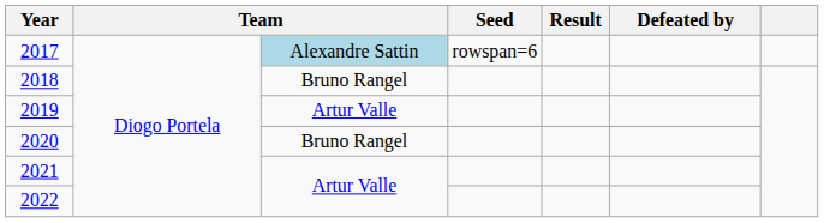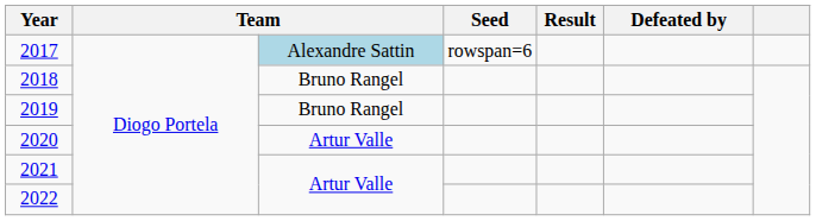 <table class="wikitable" style="text-align: center;">
 <tr style= "background: #e2e2e2;">
 </tr>
 <tr style="background: #efefef;">
 <th width=50px>Year</th>
 <th colspan="2">Team</th>
 <th width=50px>Seed</th>
 <th width=50px>Result</th>
 <th width=120px>Defeated by</th>
 <th width=40px></th>
 </tr>
 <tr>
 <td><a href='#'>2017</a></td>
 <td rowspan=6 width=150px><a href='#'>Diogo Portela</a></td>
 <td width=150px style="background: lightblue;">Alexandre Sattin</td>
 <td>rowspan=6 </td>
 <td></td>
 <td> </td>
 <td></td>
 </tr>
 <tr>
 <td><a href='#'>2018</a></td>
 <td>Bruno Rangel</td>
 <td></td>
 <td> </td>
 <td></td>
 </tr>
 <tr>
 <td><a href='#'>2019</a></td>
-<td><a href='#'>Artur Valle</a></td>
+<td>Bruno Rangel</td>
 <td></td>
 <td> </td>
 <td></td>
 </tr>
 <tr>
 <td><a href='#'>2020</a></td>
-<td>Bruno Rangel</td>
+<td><a href='#'>Artur Valle</a></td>
 <td></td>
 <td> </td>
 <td></td>
 </tr>
 <tr>
 <td><a href='#'>2021</a></td>
 <td rowspan=2 width=150px><a href='#'>Artur Valle</a></td>
 <td></td>
 <td> </td>
 <td></td>
 </tr>
 <tr>
 <td><a href='#'>2022</a></td>
 <td></td>
 <td> </td>
 <td></td>
 </tr>
 </table>
